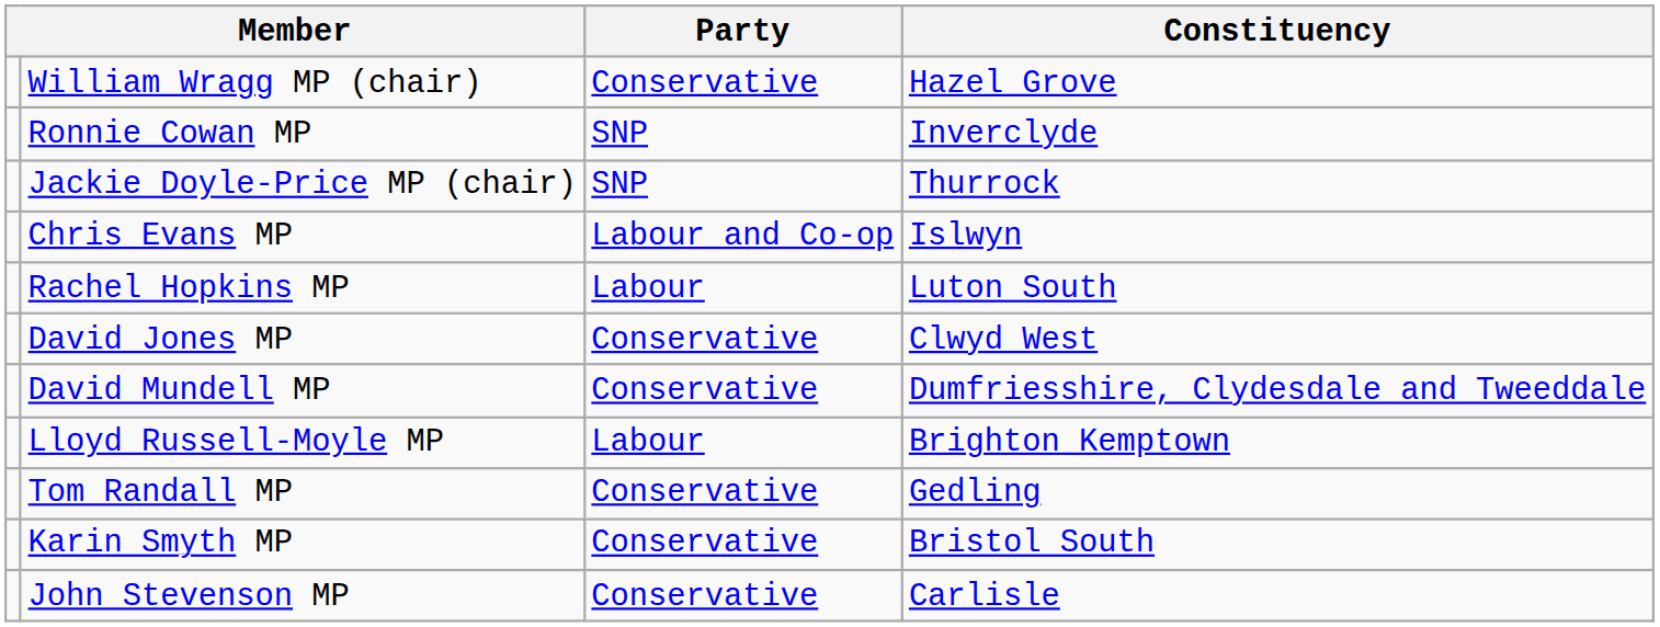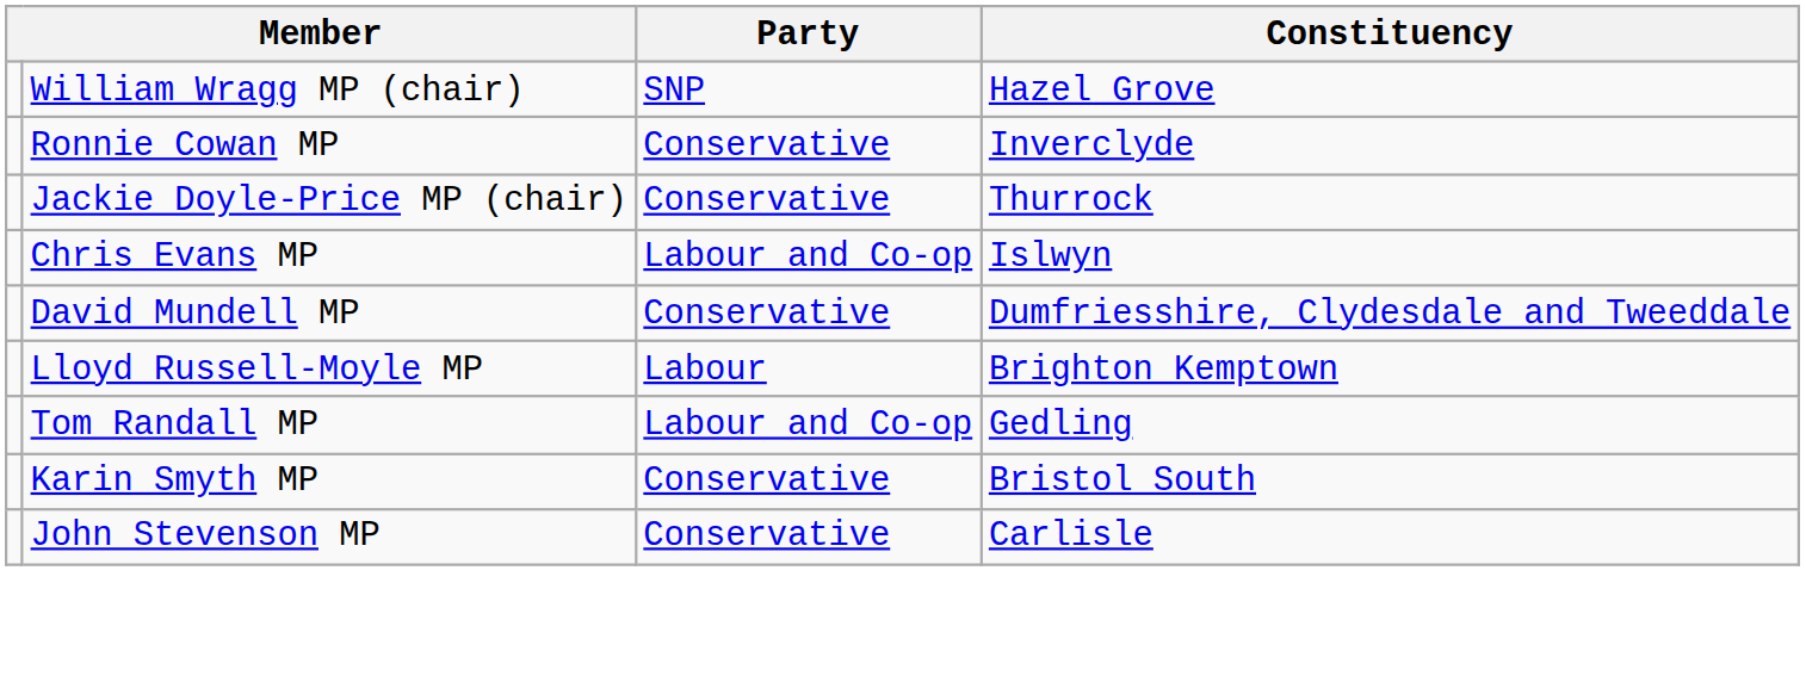 <table class="wikitable">
 <tr>
 <th colspan=2>Member</th>
 <th>Party</th>
 <th>Constituency</th>
 </tr>
 <tr>
 <td style="color:inherit;background:"></td>
 <td><a href='#'>William Wragg</a> MP (chair)</td>
-<td><a href='#'>Conservative</a></td>
+<td><a href='#'>SNP</a></td>
 <td><a href='#'>Hazel Grove</a></td>
 </tr>
 <tr>
 <td style="color:inherit;background:"></td>
 <td><a href='#'>Ronnie Cowan</a> MP</td>
-<td><a href='#'>SNP</a></td>
+<td><a href='#'>Conservative</a></td>
 <td><a href='#'>Inverclyde</a></td>
 </tr>
 <tr>
 <td style="color:inherit;background:"></td>
 <td><a href='#'>Jackie Doyle-Price</a> MP (chair)</td>
-<td><a href='#'>SNP</a></td>
+<td><a href='#'>Conservative</a></td>
 <td><a href='#'>Thurrock</a></td>
 </tr>
 <tr>
 <td style="color:inherit;background:"></td>
 <td><a href='#'>Chris Evans</a> MP</td>
 <td><a href='#'>Labour and Co-op</a></td>
 <td><a href='#'>Islwyn</a></td>
-</tr>
-<tr>
-<td style="color:inherit;background:"></td>
-<td><a href='#'>Rachel Hopkins</a> MP</td>
-<td><a href='#'>Labour</a></td>
-<td><a href='#'>Luton South</a></td>
-</tr>
-<tr>
-<td style="color:inherit;background:"></td>
-<td><a href='#'>David Jones</a> MP</td>
-<td><a href='#'>Conservative</a></td>
-<td><a href='#'>Clwyd West</a></td>
 </tr>
 <tr>
 <td style="color:inherit;background:"></td>
 <td><a href='#'>David Mundell</a> MP</td>
 <td><a href='#'>Conservative</a></td>
 <td><a href='#'>Dumfriesshire, Clydesdale and Tweeddale</a></td>
 </tr>
 <tr>
 <td style="color:inherit;background:"></td>
 <td><a href='#'>Lloyd Russell-Moyle</a> MP</td>
 <td><a href='#'>Labour</a></td>
 <td><a href='#'>Brighton Kemptown</a></td>
 </tr>
 <tr>
 <td style="color:inherit;background:"></td>
 <td><a href='#'>Tom Randall</a> MP</td>
-<td><a href='#'>Conservative</a></td>
+<td><a href='#'>Labour and Co-op</a></td>
 <td><a href='#'>Gedling</a></td>
 </tr>
 <tr>
 <td style="color:inherit;background:"></td>
 <td><a href='#'>Karin Smyth</a> MP</td>
 <td><a href='#'>Conservative</a></td>
 <td><a href='#'>Bristol South</a></td>
 </tr>
 <tr>
 <td style="color:inherit;background:"></td>
 <td><a href='#'>John Stevenson</a> MP</td>
 <td><a href='#'>Conservative</a></td>
 <td><a href='#'>Carlisle</a></td>
 </tr>
 </table>
